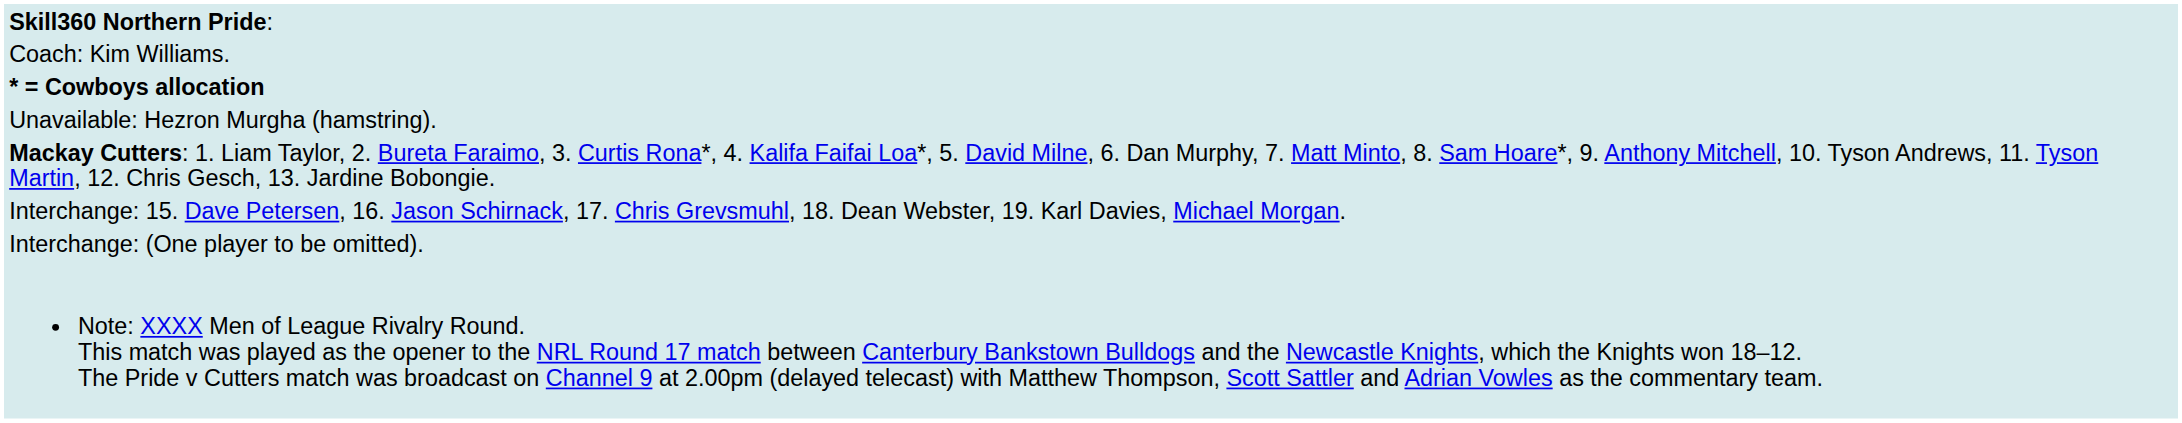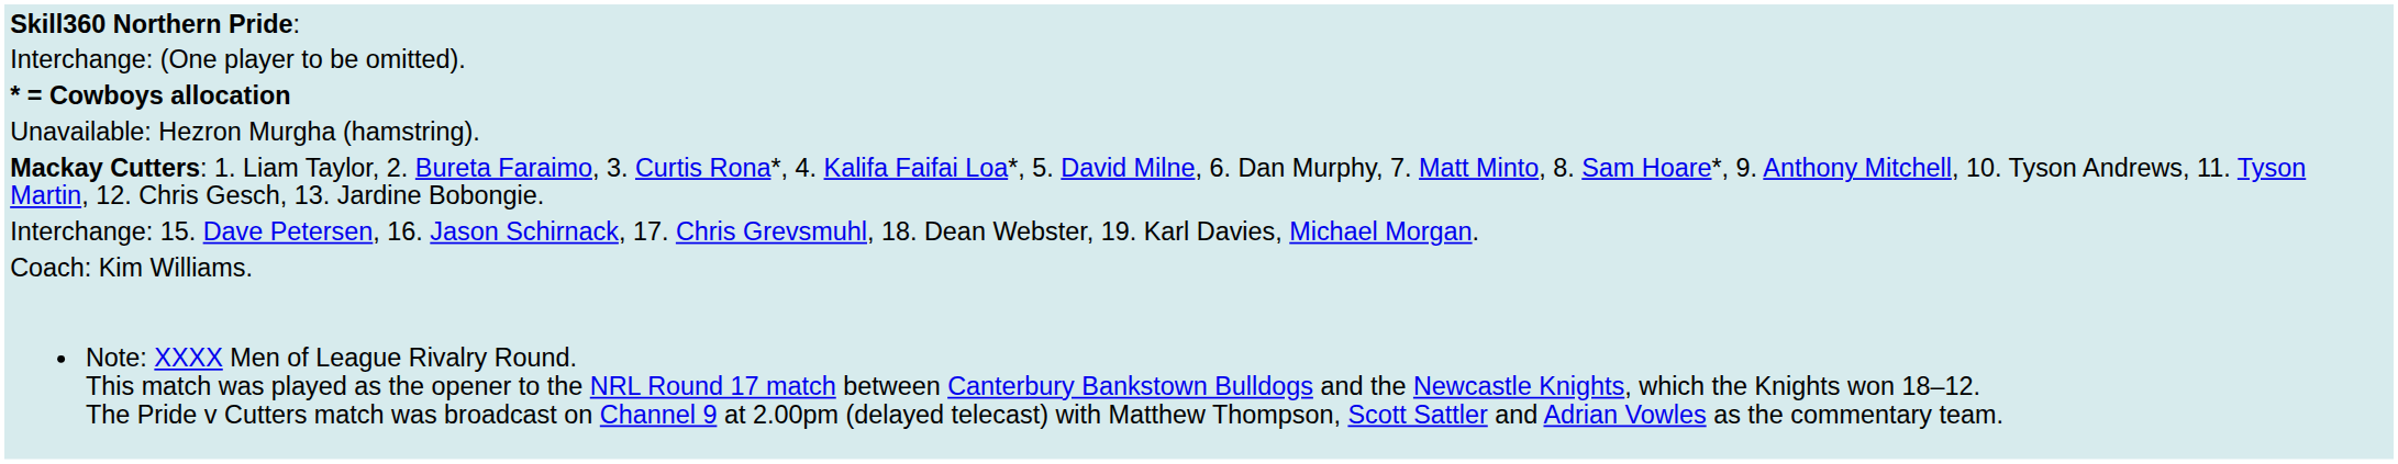 <table style="background:#d7ebed; font-size:85%; width:100%;">
 <tr>
 <td><strong>Skill360 Northern Pride</strong>:             </td>
 </tr>
 <tr>
-<td>Coach: Kim Williams.</td>
+<td>Interchange:       (One player to be omitted).</td>
 </tr>
 <tr>
 <td><strong>* = Cowboys allocation</strong></td>
 </tr>
 <tr>
 <td>Unavailable: Hezron Murgha (hamstring).</td>
 </tr>
 <tr>
 <td><strong>Mackay Cutters</strong>: 1. Liam Taylor, 2. <a href='#'>Bureta Faraimo</a>, 3. <a href='#'>Curtis Rona</a>*, 4. <a href='#'>Kalifa Faifai Loa</a>*, 5. <a href='#'>David Milne</a>, 6. Dan Murphy, 7. <a href='#'>Matt Minto</a>, 8. <a href='#'>Sam Hoare</a>*, 9. <a href='#'>Anthony Mitchell</a>, 10. Tyson Andrews, 11. <a href='#'>Tyson Martin</a>, 12. Chris Gesch, 13. Jardine Bobongie.</td>
 </tr>
 <tr>
 <td>Interchange: 15. <a href='#'>Dave Petersen</a>, 16. <a href='#'>Jason Schirnack</a>, 17. <a href='#'>Chris Grevsmuhl</a>, 18. Dean Webster, 19. Karl Davies, <a href='#'>Michael Morgan</a>.</td>
 </tr>
 <tr>
-<td>Interchange:       (One player to be omitted).</td>
+<td>Coach: Kim Williams.</td>
 </tr>
 <tr>
 <td><br><ul><li>Note: <a href='#'>XXXX</a> Men of League Rivalry Round.<br>This match was played as the opener to the <a href='#'>NRL Round 17 match</a> between <a href='#'>Canterbury Bankstown Bulldogs</a> and the <a href='#'>Newcastle Knights</a>, which the Knights won 18–12. <br>The Pride v Cutters match was broadcast on <a href='#'>Channel 9</a> at 2.00pm (delayed telecast) with Matthew Thompson, <a href='#'>Scott Sattler</a> and <a href='#'>Adrian Vowles</a> as the commentary team.</li></ul></td>
 </tr>
 </table>
